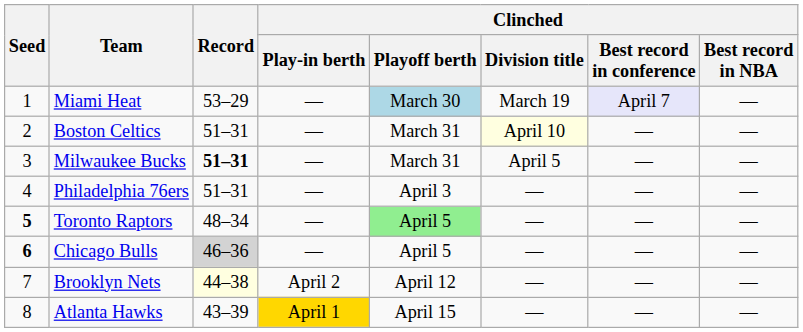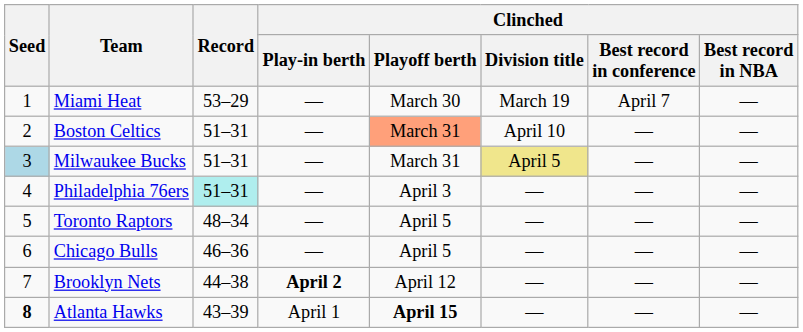 <table class="wikitable" style="font-size:95%; text-align:center">
 <tr>
 <th rowspan=2>Seed</th>
 <th rowspan=2>Team</th>
 <th rowspan=2>Record</th>
 <th colspan=5>Clinched</th>
 </tr>
 <tr>
 <th>Play-in berth</th>
 <th>Playoff berth</th>
 <th>Division title</th>
 <th>Best record<br>in conference</th>
 <th>Best record<br>in NBA</th>
 </tr>
 <tr>
 <td>1</td>
 <td align=left><a href='#'>Miami Heat</a></td>
 <td>53–29</td>
 <td>—</td>
-<td style="background: lightblue;">March 30</td>
+<td>March 30</td>
 <td>March 19</td>
-<td style="background: lavender;">April 7</td>
+<td>April 7</td>
 <td>—</td>
 </tr>
 <tr>
 <td>2</td>
 <td align=left><a href='#'>Boston Celtics</a></td>
 <td>51–31</td>
 <td>—</td>
-<td>March 31</td>
-<td style="background: lightyellow;">April 10</td>
+<td style="background: lightsalmon;">March 31</td>
+<td>April 10</td>
 <td>—</td>
 <td>—</td>
 </tr>
 <tr>
-<td>3</td>
+<td style="background: lightblue;">3</td>
 <td align=left><a href='#'>Milwaukee Bucks</a></td>
-<td><strong>51–31</strong></td>
+<td>51–31</td>
 <td>—</td>
 <td>March 31</td>
-<td>April 5</td>
+<td style="background: khaki;">April 5</td>
 <td>—</td>
 <td>—</td>
 </tr>
 <tr>
 <td>4</td>
 <td align=left><a href='#'>Philadelphia 76ers</a></td>
-<td>51–31</td>
+<td style="background: paleturquoise;">51–31</td>
 <td>—</td>
 <td>April 3</td>
 <td>—</td>
 <td>—</td>
 <td>—</td>
 </tr>
 <tr>
-<td><strong>5</strong></td>
+<td>5</td>
 <td align=left><a href='#'>Toronto Raptors</a></td>
 <td>48–34</td>
 <td>—</td>
-<td style="background: lightgreen;">April 5</td>
+<td>April 5</td>
 <td>—</td>
 <td>—</td>
 <td>—</td>
 </tr>
 <tr>
-<td><strong>6</strong></td>
+<td>6</td>
 <td align=left><a href='#'>Chicago Bulls</a></td>
-<td style="background: lightgrey;">46–36</td>
+<td>46–36</td>
 <td>—</td>
 <td>April 5</td>
 <td>—</td>
 <td>—</td>
 <td>—</td>
 </tr>
 <tr>
 <td>7</td>
 <td align=left><a href='#'>Brooklyn Nets</a></td>
-<td style="background: lightyellow;">44–38</td>
-<td>April 2</td>
+<td>44–38</td>
+<td><strong>April 2</strong></td>
 <td>April 12</td>
 <td>—</td>
 <td>—</td>
 <td>—</td>
 </tr>
 <tr>
-<td>8</td>
+<td><strong>8</strong></td>
 <td align=left><a href='#'>Atlanta Hawks</a></td>
 <td>43–39</td>
-<td style="background: gold;">April 1</td>
-<td>April 15</td>
+<td>April 1</td>
+<td><strong>April 15</strong></td>
 <td>—</td>
 <td>—</td>
 <td>—</td>
 </tr>
 </table>
